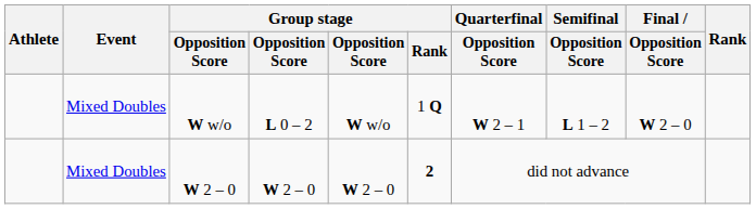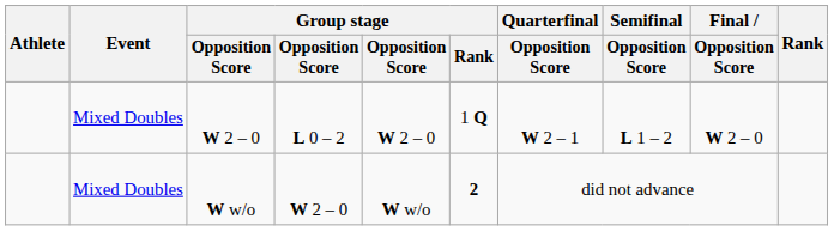 <table class="wikitable" style="font-size:90%">
 <tr>
 <th rowspan=2>Athlete</th>
 <th rowspan=2>Event</th>
 <th colspan=4>Group stage</th>
 <th>Quarterfinal</th>
 <th>Semifinal</th>
 <th>Final / </th>
 <th rowspan=2>Rank</th>
 </tr>
 <tr style="font-size:95%">
 <th>Opposition<br>Score</th>
 <th>Opposition<br>Score</th>
 <th>Opposition<br>Score</th>
 <th>Rank</th>
 <th>Opposition<br>Score</th>
 <th>Opposition<br>Score</th>
 <th>Opposition<br>Score</th>
 </tr>
 <tr align=center>
 <td align=left><br></td>
 <td align=left><a href='#'>Mixed Doubles</a></td>
-<td><br><br><strong>W</strong> w/o</td>
+<td><br><br><strong>W</strong> 2 – 0</td>
 <td><br><br><strong>L</strong> 0 – 2</td>
-<td><br><br><strong>W</strong> w/o</td>
+<td><br><br><strong>W</strong> 2 – 0</td>
 <td>1 <strong>Q</strong></td>
 <td><br><br><strong>W</strong> 2 – 1</td>
 <td><br><br><strong>L</strong> 1 – 2</td>
 <td><br><br><strong>W</strong> 2 – 0</td>
 <td></td>
 </tr>
 <tr align=center>
 <td align=left><br></td>
 <td align=left><a href='#'>Mixed Doubles</a></td>
+<td><br><br><strong>W</strong> w/o</td>
 <td><br><br><strong>W</strong> 2 – 0</td>
-<td><br><br><strong>W</strong> 2 – 0</td>
-<td><br><br><strong>W</strong> 2 – 0</td>
+<td><br><br><strong>W</strong> w/o</td>
 <td><strong>2</strong></td>
 <td colspan=3>did not advance</td>
 <td></td>
 </tr>
 </table>
